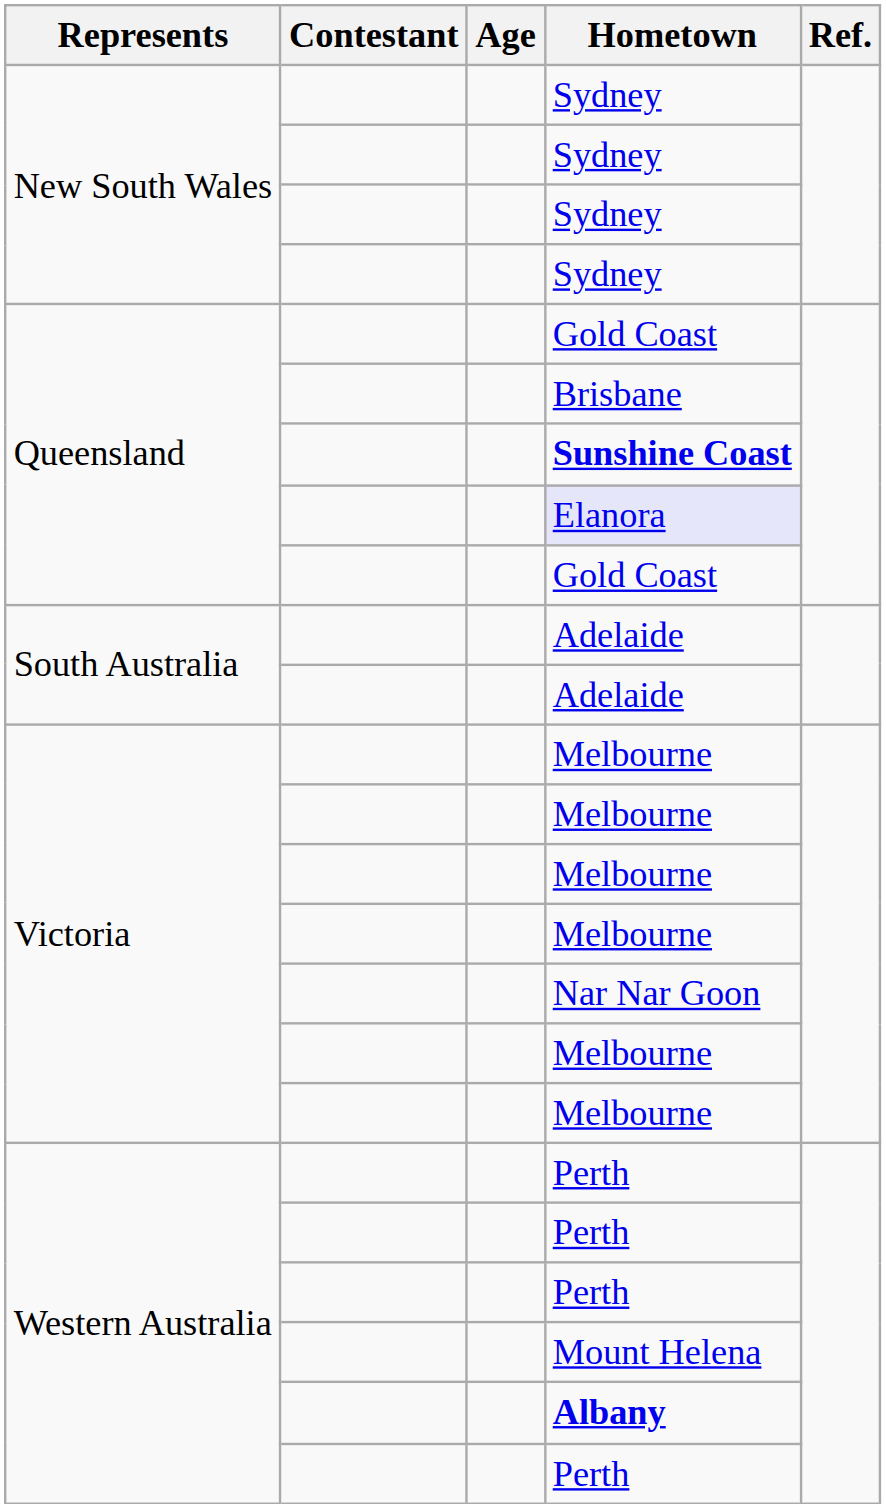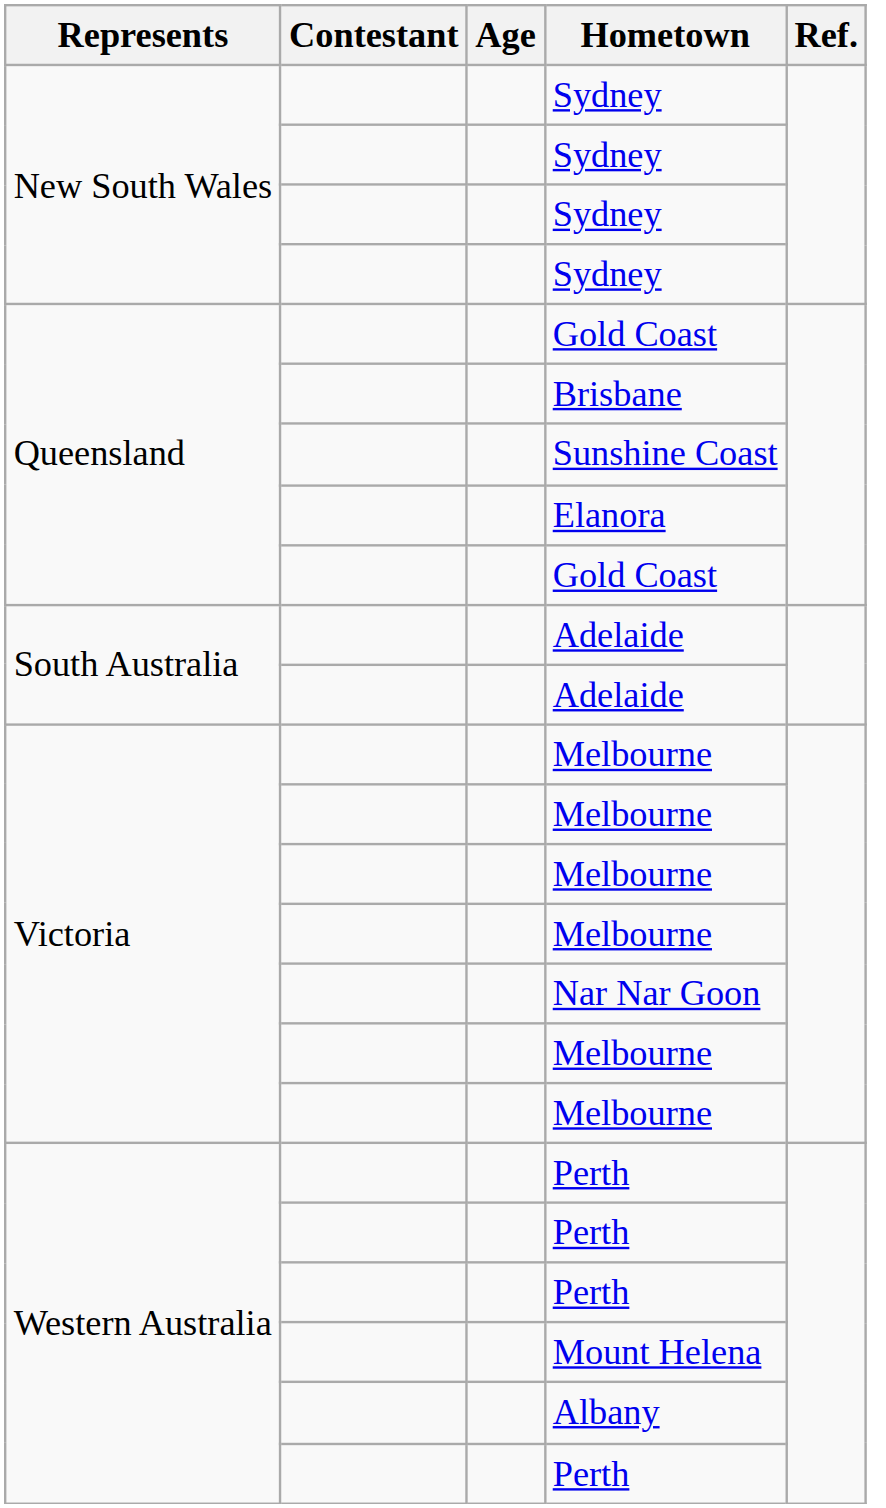 <table class="wikitable sortable" style="font-size: 95%;">
 <tr>
 <th>Represents</th>
 <th>Contestant</th>
 <th>Age</th>
 <th>Hometown</th>
 <th>Ref.</th>
 </tr>
 <tr>
 <td rowspan="4">New South Wales</td>
 <td></td>
 <td></td>
 <td><a href='#'>Sydney</a></td>
 <td rowspan="4"></td>
 </tr>
 <tr>
 <td></td>
 <td></td>
 <td><a href='#'>Sydney</a></td>
 </tr>
 <tr>
 <td></td>
 <td></td>
 <td><a href='#'>Sydney</a></td>
 </tr>
 <tr>
 <td></td>
 <td></td>
 <td><a href='#'>Sydney</a></td>
 </tr>
 <tr>
 <td rowspan="5">Queensland</td>
 <td></td>
 <td></td>
 <td><a href='#'>Gold Coast</a></td>
 <td rowspan="5"></td>
 </tr>
 <tr>
 <td></td>
 <td></td>
 <td><a href='#'>Brisbane</a></td>
 </tr>
 <tr>
 <td></td>
 <td></td>
-<td><strong><a href='#'>Sunshine Coast</a></strong></td>
+<td><a href='#'>Sunshine Coast</a></td>
 </tr>
 <tr>
 <td></td>
 <td></td>
-<td style="background: lavender;"><a href='#'>Elanora</a></td>
+<td><a href='#'>Elanora</a></td>
 </tr>
 <tr>
 <td></td>
 <td></td>
 <td><a href='#'>Gold Coast</a></td>
 </tr>
 <tr>
 <td rowspan="2">South Australia</td>
 <td></td>
 <td></td>
 <td><a href='#'>Adelaide</a></td>
 <td rowspan="2"></td>
 </tr>
 <tr>
 <td></td>
 <td></td>
 <td><a href='#'>Adelaide</a></td>
 </tr>
 <tr>
 <td rowspan="7">Victoria</td>
 <td></td>
 <td></td>
 <td><a href='#'>Melbourne</a></td>
 <td rowspan="7"></td>
 </tr>
 <tr>
 <td></td>
 <td></td>
 <td><a href='#'>Melbourne</a></td>
 </tr>
 <tr>
 <td></td>
 <td></td>
 <td><a href='#'>Melbourne</a></td>
 </tr>
 <tr>
 <td></td>
 <td></td>
 <td><a href='#'>Melbourne</a></td>
 </tr>
 <tr>
 <td></td>
 <td></td>
 <td><a href='#'>Nar Nar Goon</a></td>
 </tr>
 <tr>
 <td></td>
 <td></td>
 <td><a href='#'>Melbourne</a></td>
 </tr>
 <tr>
 <td></td>
 <td></td>
 <td><a href='#'>Melbourne</a></td>
 </tr>
 <tr>
 <td rowspan="6">Western Australia</td>
 <td></td>
 <td></td>
 <td><a href='#'>Perth</a></td>
 <td rowspan="6"></td>
 </tr>
 <tr>
 <td></td>
 <td></td>
 <td><a href='#'>Perth</a></td>
 </tr>
 <tr>
 <td></td>
 <td></td>
 <td><a href='#'>Perth</a></td>
 </tr>
 <tr>
 <td></td>
 <td></td>
 <td><a href='#'>Mount Helena</a></td>
 </tr>
 <tr>
 <td></td>
 <td></td>
-<td><strong><a href='#'>Albany</a></strong></td>
+<td><a href='#'>Albany</a></td>
 </tr>
 <tr>
 <td></td>
 <td></td>
 <td><a href='#'>Perth</a></td>
 </tr>
 </table>
